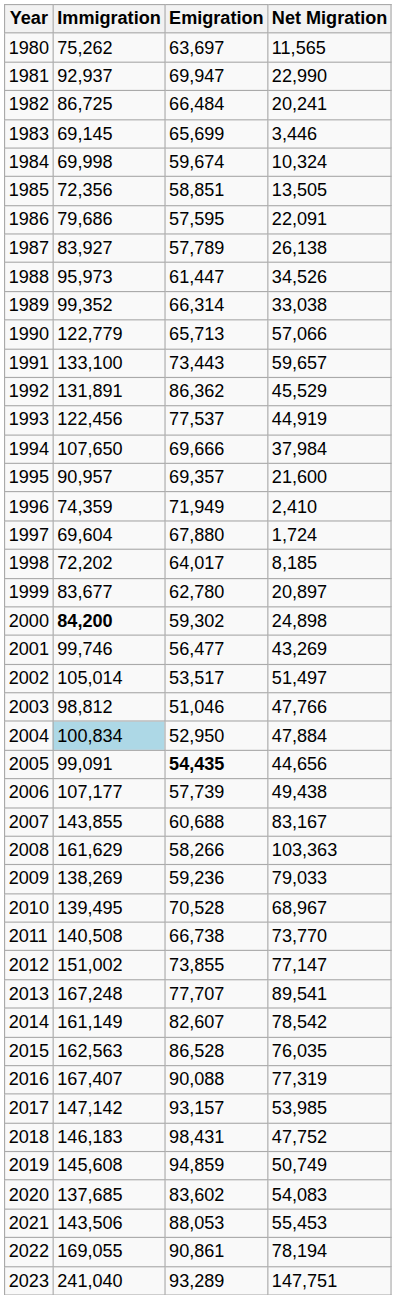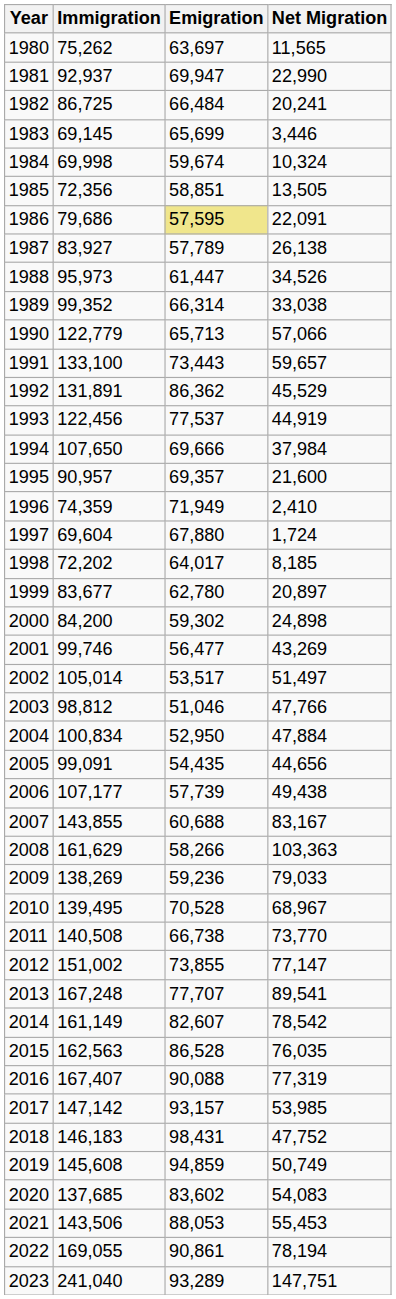 <table class="wikitable sortable">
 <tr>
 <th>Year</th>
 <th>Immigration</th>
 <th>Emigration</th>
 <th>Net Migration</th>
 </tr>
 <tr>
 <td>1980</td>
 <td>75,262</td>
 <td>63,697</td>
 <td>11,565</td>
 </tr>
 <tr>
 <td>1981</td>
 <td>92,937</td>
 <td>69,947</td>
 <td>22,990</td>
 </tr>
 <tr>
 <td>1982</td>
 <td>86,725</td>
 <td>66,484</td>
 <td>20,241</td>
 </tr>
 <tr>
 <td>1983</td>
 <td>69,145</td>
 <td>65,699</td>
 <td>3,446</td>
 </tr>
 <tr>
 <td>1984</td>
 <td>69,998</td>
 <td>59,674</td>
 <td>10,324</td>
 </tr>
 <tr>
 <td>1985</td>
 <td>72,356</td>
 <td>58,851</td>
 <td>13,505</td>
 </tr>
 <tr>
 <td>1986</td>
 <td>79,686</td>
-<td>57,595</td>
+<td style="background: khaki;">57,595</td>
 <td>22,091</td>
 </tr>
 <tr>
 <td>1987</td>
 <td>83,927</td>
 <td>57,789</td>
 <td>26,138</td>
 </tr>
 <tr>
 <td>1988</td>
 <td>95,973</td>
 <td>61,447</td>
 <td>34,526</td>
 </tr>
 <tr>
 <td>1989</td>
 <td>99,352</td>
 <td>66,314</td>
 <td>33,038</td>
 </tr>
 <tr>
 <td>1990</td>
 <td>122,779</td>
 <td>65,713</td>
 <td>57,066</td>
 </tr>
 <tr>
 <td>1991</td>
 <td>133,100</td>
 <td>73,443</td>
 <td>59,657</td>
 </tr>
 <tr>
 <td>1992</td>
 <td>131,891</td>
 <td>86,362</td>
 <td>45,529</td>
 </tr>
 <tr>
 <td>1993</td>
 <td>122,456</td>
 <td>77,537</td>
 <td>44,919</td>
 </tr>
 <tr>
 <td>1994</td>
 <td>107,650</td>
 <td>69,666</td>
 <td>37,984</td>
 </tr>
 <tr>
 <td>1995</td>
 <td>90,957</td>
 <td>69,357</td>
 <td>21,600</td>
 </tr>
 <tr>
 <td>1996</td>
 <td>74,359</td>
 <td>71,949</td>
 <td>2,410</td>
 </tr>
 <tr>
 <td>1997</td>
 <td>69,604</td>
 <td>67,880</td>
 <td>1,724</td>
 </tr>
 <tr>
 <td>1998</td>
 <td>72,202</td>
 <td>64,017</td>
 <td>8,185</td>
 </tr>
 <tr>
 <td>1999</td>
 <td>83,677</td>
 <td>62,780</td>
 <td>20,897</td>
 </tr>
 <tr>
 <td>2000</td>
-<td><strong>84,200</strong></td>
+<td>84,200</td>
 <td>59,302</td>
 <td>24,898</td>
 </tr>
 <tr>
 <td>2001</td>
 <td>99,746</td>
 <td>56,477</td>
 <td>43,269</td>
 </tr>
 <tr>
 <td>2002</td>
 <td>105,014</td>
 <td>53,517</td>
 <td>51,497</td>
 </tr>
 <tr>
 <td>2003</td>
 <td>98,812</td>
 <td>51,046</td>
 <td>47,766</td>
 </tr>
 <tr>
 <td>2004</td>
-<td style="background: lightblue;">100,834</td>
+<td>100,834</td>
 <td>52,950</td>
 <td>47,884</td>
 </tr>
 <tr>
 <td>2005</td>
 <td>99,091</td>
-<td><strong>54,435</strong></td>
+<td>54,435</td>
 <td>44,656</td>
 </tr>
 <tr>
 <td>2006</td>
 <td>107,177</td>
 <td>57,739</td>
 <td>49,438</td>
 </tr>
 <tr>
 <td>2007</td>
 <td>143,855</td>
 <td>60,688</td>
 <td>83,167</td>
 </tr>
 <tr>
 <td>2008</td>
 <td>161,629</td>
 <td>58,266</td>
 <td>103,363</td>
 </tr>
 <tr>
 <td>2009</td>
 <td>138,269</td>
 <td>59,236</td>
 <td>79,033</td>
 </tr>
 <tr>
 <td>2010</td>
 <td>139,495</td>
 <td>70,528</td>
 <td>68,967</td>
 </tr>
 <tr>
 <td>2011</td>
 <td>140,508</td>
 <td>66,738</td>
 <td>73,770</td>
 </tr>
 <tr>
 <td>2012</td>
 <td>151,002</td>
 <td>73,855</td>
 <td>77,147</td>
 </tr>
 <tr>
 <td>2013</td>
 <td>167,248</td>
 <td>77,707</td>
 <td>89,541</td>
 </tr>
 <tr>
 <td>2014</td>
 <td>161,149</td>
 <td>82,607</td>
 <td>78,542</td>
 </tr>
 <tr>
 <td>2015</td>
 <td>162,563</td>
 <td>86,528</td>
 <td>76,035</td>
 </tr>
 <tr>
 <td>2016</td>
 <td>167,407</td>
 <td>90,088</td>
 <td>77,319</td>
 </tr>
 <tr>
 <td>2017</td>
 <td>147,142</td>
 <td>93,157</td>
 <td>53,985</td>
 </tr>
 <tr>
 <td>2018</td>
 <td>146,183</td>
 <td>98,431</td>
 <td>47,752</td>
 </tr>
 <tr>
 <td>2019</td>
 <td>145,608</td>
 <td>94,859</td>
 <td>50,749</td>
 </tr>
 <tr>
 <td>2020</td>
 <td>137,685</td>
 <td>83,602</td>
 <td>54,083</td>
 </tr>
 <tr>
 <td>2021</td>
 <td>143,506</td>
 <td>88,053</td>
 <td>55,453</td>
 </tr>
 <tr>
 <td>2022</td>
 <td>169,055</td>
 <td>90,861</td>
 <td>78,194</td>
 </tr>
 <tr>
 <td>2023</td>
 <td>241,040</td>
 <td>93,289</td>
 <td>147,751</td>
 </tr>
 </table>
